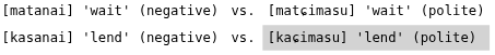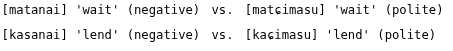 <table cellpadding="5">
 <tr>
 <td>[matanai] 'wait' (negative)</td>
 <td>vs.</td>
 <td>[matɕimasu] 'wait' (polite)</td>
 </tr>
 <tr>
 <td>[kasanai] 'lend' (negative)</td>
 <td>vs.</td>
-<td style="background: lightgrey;">[kaɕimasu] 'lend' (polite)</td>
+<td>[kaɕimasu] 'lend' (polite)</td>
 </tr>
 </table>
